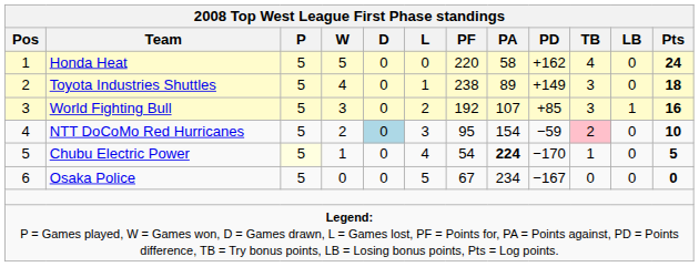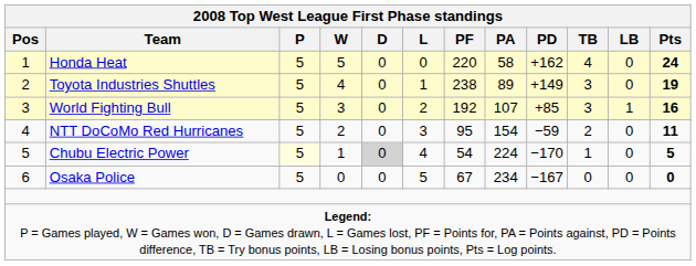 <table class="wikitable" style="text-align:center; font-size:100%; width:60%;">
 <tr>
 <th colspan="100%" cellpadding="0" cellspacing="0"><strong>2008 Top West League First Phase standings</strong></th>
 </tr>
 <tr>
 <th style="width:6%;">Pos</th>
 <th style="width:34%;">Team</th>
 <th style="width:6%;">P</th>
 <th style="width:6%;">W</th>
 <th style="width:6%;">D</th>
 <th style="width:6%;">L</th>
 <th style="width:6%;">PF</th>
 <th style="width:6%;">PA</th>
 <th style="width:6%;">PD</th>
 <th style="width:6%;">TB</th>
 <th style="width:6%;">LB</th>
 <th style="width:6%;">Pts<br></th>
 </tr>
 <tr style="background:#FFFCCC;">
 <td>1</td>
 <td style="text-align:left;"><a href='#'>Honda Heat</a></td>
 <td>5</td>
 <td>5</td>
 <td>0</td>
 <td>0</td>
 <td>220</td>
 <td>58</td>
 <td>+162</td>
 <td>4</td>
 <td>0</td>
 <td><strong>24</strong></td>
 </tr>
 <tr style="background:#FFFCCC;">
 <td>2</td>
 <td style="text-align:left;"><a href='#'>Toyota Industries Shuttles</a></td>
 <td>5</td>
 <td>4</td>
 <td>0</td>
 <td>1</td>
 <td>238</td>
 <td>89</td>
 <td>+149</td>
 <td>3</td>
 <td>0</td>
-<td><strong>18</strong></td>
+<td><strong>19</strong></td>
 </tr>
 <tr style="background:#FFFCCC;">
 <td>3</td>
 <td style="text-align:left;"><a href='#'>World Fighting Bull</a></td>
 <td>5</td>
 <td>3</td>
 <td>0</td>
 <td>2</td>
 <td>192</td>
 <td>107</td>
 <td>+85</td>
 <td>3</td>
 <td>1</td>
 <td><strong>16</strong></td>
 </tr>
 <tr>
 <td>4</td>
 <td style="text-align:left;"><a href='#'>NTT DoCoMo Red Hurricanes</a></td>
 <td>5</td>
 <td>2</td>
-<td style="background: lightblue;">0</td>
+<td>0</td>
 <td>3</td>
 <td>95</td>
 <td>154</td>
 <td>−59</td>
-<td style="background: pink;">2</td>
+<td>2</td>
 <td>0</td>
-<td><strong>10</strong></td>
+<td><strong>11</strong></td>
 </tr>
 <tr>
 <td>5</td>
 <td style="text-align:left;"><a href='#'>Chubu Electric Power</a></td>
 <td style="background: lightyellow;">5</td>
 <td>1</td>
-<td>0</td>
+<td style="background: lightgrey;">0</td>
 <td>4</td>
 <td>54</td>
-<td><strong>224</strong></td>
+<td>224</td>
 <td>−170</td>
 <td>1</td>
 <td>0</td>
 <td><strong>5</strong></td>
 </tr>
 <tr>
 <td>6</td>
 <td style="text-align:left;"><a href='#'>Osaka Police</a></td>
 <td>5</td>
 <td>0</td>
 <td>0</td>
 <td>5</td>
 <td>67</td>
 <td>234</td>
 <td>−167</td>
 <td>0</td>
 <td>0</td>
 <td><strong>0</strong></td>
 </tr>
 <tr>
 <td colspan="100%" style="height:10px;"></td>
 </tr>
 <tr>
 <td colspan="100%"><small><strong>Legend:</strong> <br> P = Games played, W = Games won, D = Games drawn, L = Games lost, PF = Points for, PA = Points against, PD = Points difference, TB = Try bonus points, LB = Losing bonus points, Pts = Log points.</small></td>
 </tr>
 </table>
